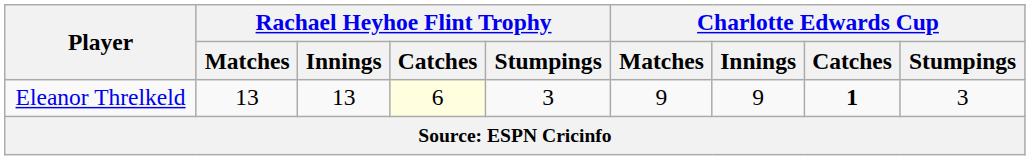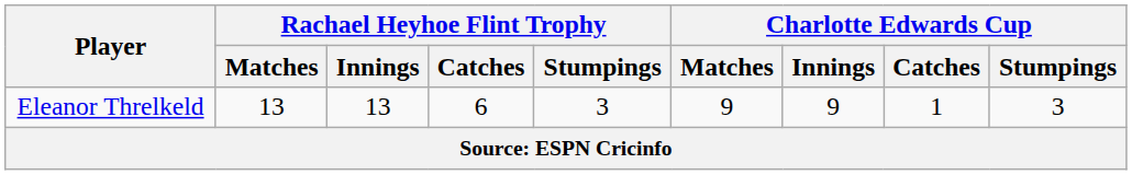 <table class="wikitable" style="text-align:center; width:55%;">
 <tr>
 <th rowspan=2>Player</th>
 <th colspan=4><a href='#'>Rachael Heyhoe Flint Trophy</a></th>
 <th colspan=4><a href='#'>Charlotte Edwards Cup</a></th>
 </tr>
 <tr>
 <th>Matches</th>
 <th>Innings</th>
 <th>Catches</th>
 <th>Stumpings</th>
 <th>Matches</th>
 <th>Innings</th>
 <th>Catches</th>
 <th>Stumpings</th>
 </tr>
 <tr>
 <td><a href='#'>Eleanor Threlkeld</a></td>
 <td>13</td>
 <td>13</td>
-<td style="background: lightyellow;">6</td>
+<td>6</td>
 <td>3</td>
 <td>9</td>
 <td>9</td>
-<td><strong>1</strong></td>
+<td>1</td>
 <td>3</td>
 </tr>
 <tr>
 <th colspan="9"><small>Source: ESPN Cricinfo</small></th>
 </tr>
 </table>
